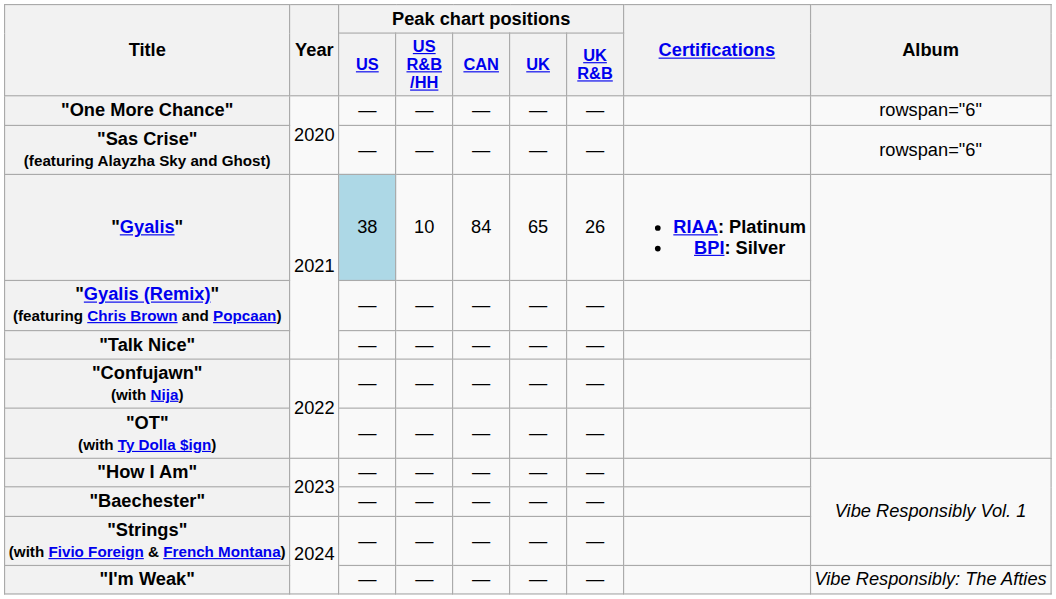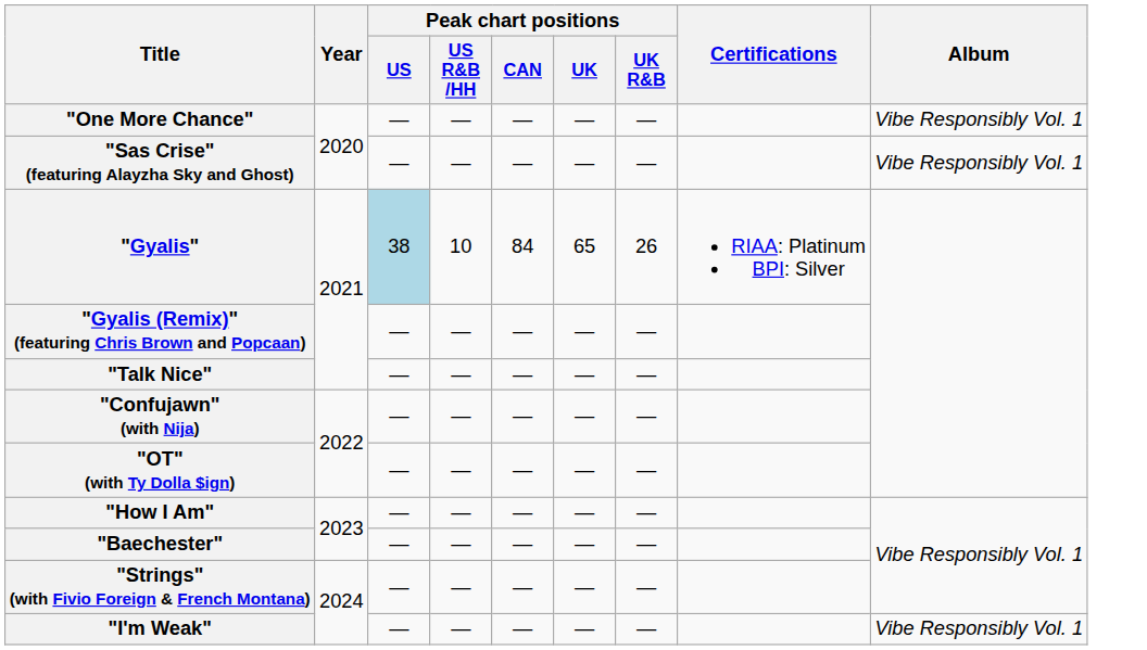 <table class="wikitable plainrowheaders" style="text-align:center;">
 <tr>
 <th scope="col" rowspan="2">Title</th>
 <th scope="col" rowspan="2">Year</th>
 <th scope="col" colspan="5">Peak chart positions</th>
 <th rowspan="2"><a href='#'>Certifications</a></th>
 <th scope="col" rowspan="2">Album</th>
 </tr>
 <tr>
 <th scope="col" style="width:3em;font-size:90%;"><a href='#'>US</a><br></th>
 <th scope="col" style="width:3em;font-size:90%;"><a href='#'>US<br>R&B<br>/HH</a><br></th>
 <th scope="col" style="width:3em;font-size:90%;"><a href='#'>CAN</a><br></th>
 <th scope="col" style="width:3em;font-size:90%;"><a href='#'>UK</a></th>
 <th scope="col" style="width:3em;font-size:90%;"><a href='#'>UK<br>R&B</a></th>
 </tr>
 <tr>
 <th scope="row">"One More Chance"</th>
 <td rowspan="2">2020</td>
 <td>—</td>
 <td>—</td>
 <td>—</td>
 <td>—</td>
 <td>—</td>
 <td></td>
-<td>rowspan="6" </td>
+<td><em>Vibe Responsibly Vol. 1</em></td>
 </tr>
 <tr>
 <th scope="row">"Sas Crise"<br><small>(featuring Alayzha Sky and Ghost)</small></th>
 <td>—</td>
 <td>—</td>
 <td>—</td>
 <td>—</td>
 <td>—</td>
 <td></td>
-<td>rowspan="6" </td>
+<td><em>Vibe Responsibly Vol. 1</em></td>
 </tr>
 <tr>
 <th scope="row">"<a href='#'>Gyalis</a>"</th>
 <td rowspan="3">2021</td>
 <td style="background: lightblue;">38</td>
 <td>10</td>
 <td>84</td>
 <td>65</td>
 <td>26</td>
-<td><strong><br><ul><li><a href='#'>RIAA</a>: Platinum</li><li><a href='#'>BPI</a>: Silver</li></ul></strong></td>
+<td><br><ul><li><a href='#'>RIAA</a>: Platinum</li><li><a href='#'>BPI</a>: Silver</li></ul></td>
 </tr>
 <tr>
 <th scope="row">"<a href='#'>Gyalis (Remix)</a>"<br><small>(featuring <a href='#'>Chris Brown</a> and <a href='#'>Popcaan</a>)</small></th>
 <td>—</td>
 <td>—</td>
 <td>—</td>
 <td>—</td>
 <td>—</td>
 <td></td>
 </tr>
 <tr>
 <th scope="row">"Talk Nice"</th>
 <td>—</td>
 <td>—</td>
 <td>—</td>
 <td>—</td>
 <td>—</td>
 <td></td>
 </tr>
 <tr>
 <th scope="row">"Confujawn"<br><small>(with <a href='#'>Nija</a>)</small></th>
 <td rowspan="2">2022</td>
 <td>—</td>
 <td>—</td>
 <td>—</td>
 <td>—</td>
 <td>—</td>
 <td></td>
 </tr>
 <tr>
 <th scope="row">"OT"<br><small>(with <a href='#'>Ty Dolla $ign</a>)</small></th>
 <td>—</td>
 <td>—</td>
 <td>—</td>
 <td>—</td>
 <td>—</td>
 <td></td>
 </tr>
 <tr>
 <th scope="row">"How I Am"</th>
 <td rowspan="2">2023</td>
 <td>—</td>
 <td>—</td>
 <td>—</td>
 <td>—</td>
 <td>—</td>
 <td></td>
 <td rowspan="3"><em>Vibe Responsibly Vol. 1</em></td>
 </tr>
 <tr>
 <th scope="row">"Baechester"</th>
 <td>—</td>
 <td>—</td>
 <td>—</td>
 <td>—</td>
 <td>—</td>
 <td></td>
 </tr>
 <tr>
 <th scope="row">"Strings"<br><small>(with <a href='#'>Fivio Foreign</a> & <a href='#'>French Montana</a>)</small></th>
 <td rowspan="2">2024</td>
 <td>—</td>
 <td>—</td>
 <td>—</td>
 <td>—</td>
 <td>—</td>
 <td></td>
 </tr>
 <tr>
 <th scope="row">"I'm Weak"</th>
 <td>—</td>
 <td>—</td>
 <td>—</td>
 <td>—</td>
 <td>—</td>
 <td></td>
-<td><em>Vibe Responsibly: The Afties</em></td>
+<td><em>Vibe Responsibly Vol. 1</em></td>
 </tr>
 </table>
